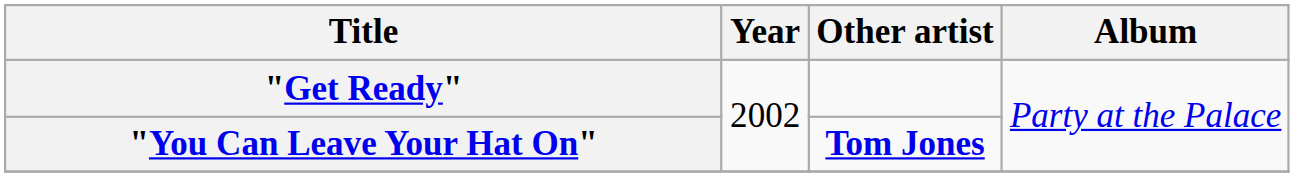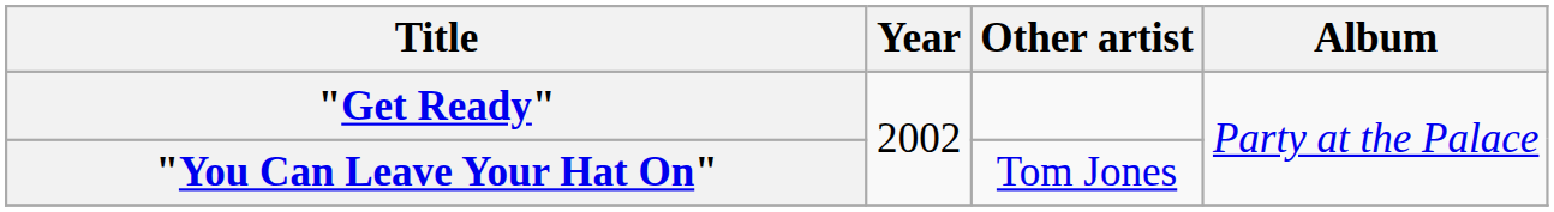 <table class="wikitable plainrowheaders" style="text-align:center;">
 <tr>
 <th scope="col" style="width:20em;">Title</th>
 <th scope="col">Year</th>
 <th scope="col">Other artist</th>
 <th scope="col">Album</th>
 </tr>
 <tr>
 <th scope="row">"<a href='#'>Get Ready</a>"</th>
 <td rowspan=2>2002</td>
 <td></td>
 <td rowspan=2><em><a href='#'>Party at the Palace</a></em></td>
 </tr>
 <tr>
 <th scope="row">"<a href='#'>You Can Leave Your Hat On</a>"</th>
-<td><strong><a href='#'>Tom Jones</a></strong></td>
+<td><a href='#'>Tom Jones</a></td>
 </tr>
 <tr>
 </tr>
 </table>
